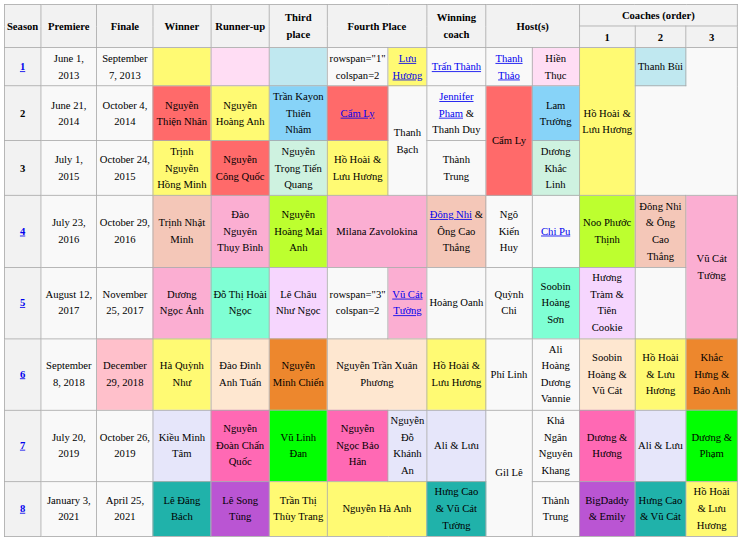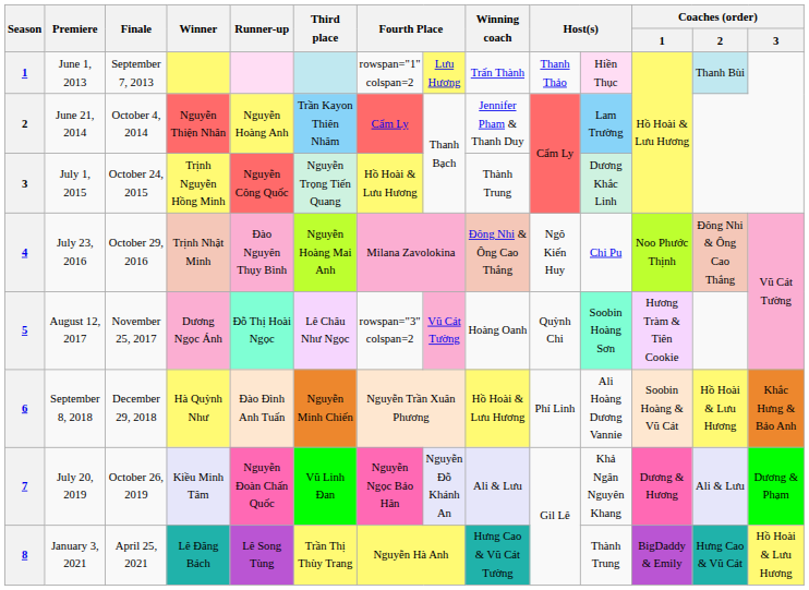 <table class="wikitable" style="text-align:center; font-size:80%; line-height:20px;" width="100%">
 <tr>
 <th rowspan="2" scope="col" width="01%">Season</th>
 <th rowspan="2" scope="col" width="08%">Premiere</th>
 <th rowspan="2" scope="col" width="08%">Finale</th>
 <th rowspan="2" scope="col" width="09%">Winner</th>
 <th rowspan="2" scope="col" width="09%">Runner-up</th>
 <th rowspan="2" scope="col" width="09%">Third place</th>
 <th rowspan="2" colspan=2 scope="col" width="09%">Fourth Place</th>
 <th rowspan="2" scope="col" width="09%">Winning coach</th>
 <th colspan="2" rowspan="2" scope="col" width="14%">Host(s)</th>
 <th colspan="3" scope="col" width="21%">Coaches (order)</th>
 </tr>
 <tr>
 <th width="08%">1</th>
 <th width="08%">2</th>
 <th width="08%">3</th>
 </tr>
 <tr>
 <th><a href='#'>1</a></th>
 <td>June 1, 2013</td>
 <td>September 7, 2013</td>
 <td bgcolor="#fffa73"></td>
 <td bgcolor="#ffddf4"></td>
 <td bgcolor="#c0e8f0"></td>
 <td>rowspan="1" colspan=2 </td>
 <td bgcolor="#fffa73"> <a href='#'>Lưu Hương</a></td>
 <td width="07%"><a href='#'>Trấn Thành</a></td>
 <td width="07%"><a href='#'>Thanh Thảo</a></td>
 <td bgcolor="#ffddf4">Hiền Thục</td>
 <td rowspan="3" bgcolor="#fffa73">Hồ Hoài & Lưu Hương</td>
 <td bgcolor="#c0e8f0">Thanh Bùi</td>
 </tr>
 <tr>
 <th>2</th>
 <td>June 21, 2014</td>
 <td>October 4, 2014</td>
 <td bgcolor="#FF6A6A">Nguyễn Thiện Nhân</td>
 <td bgcolor="#fffa73">Nguyễn Hoàng Anh</td>
 <td colspan=1 bgcolor="#87D3F8">Trần Kayon Thiên Nhâm</td>
 <td bgcolor="#FF6A6A"><a href='#'>Cẩm Ly</a></td>
 <td rowspan="2">Thanh Bạch</td>
 <td><a href='#'>Jennifer Pham</a> & Thanh Duy</td>
 <td rowspan="2" bgcolor="#FF6A6A">Cẩm Ly</td>
 <td bgcolor="#87D3F8">Lam Trường</td>
 </tr>
 <tr>
 <th>3</th>
 <td>July 1, 2015</td>
 <td>October 24, 2015</td>
 <td bgcolor="#fffa73">Trịnh Nguyễn Hồng Minh</td>
 <td bgcolor="#FF6A6A">Nguyễn Công Quốc</td>
 <td colspan=1 bgcolor="#CEF2E0">Nguyễn Trọng Tiến Quang</td>
 <td bgcolor="#fffa73">Hồ Hoài & Lưu Hương</td>
 <td rowspan="1">Thành Trung</td>
 <td bgcolor="#CEF2E0">Dương Khắc Linh</td>
 </tr>
 <tr>
 <th><a href='#'>4</a></th>
 <td>July 23, 2016</td>
 <td>October 29, 2016</td>
 <td bgcolor="#f4c7b8">Trịnh Nhật Minh</td>
 <td bgcolor="#FBAED2">Đào Nguyên Thụy Bình</td>
 <td bgcolor="#bdff2f">Nguyễn Hoàng Mai Anh</td>
 <td colspan=2 bgcolor="#FBAED2">Milana Zavolokina</td>
 <td bgcolor="#f4c7b8"><a href='#'>Đông Nhi</a> & Ông Cao Thắng</td>
 <td>Ngô Kiến Huy</td>
 <td><a href='#'>Chi Pu</a></td>
 <td bgcolor="#bdff2f">Noo Phước Thịnh</td>
 <td bgcolor="#f4c7b8">Đông Nhi & Ông Cao Thắng</td>
 <td rowspan="2" bgcolor="#FBAED2">Vũ Cát Tường</td>
 </tr>
 <tr>
 <th rowspan="1"><a href='#'>5</a></th>
 <td rowspan="1">August 12, 2017</td>
 <td rowspan="1">November 25, 2017</td>
 <td rowspan="1" bgcolor="#FBAED2">Dương Ngọc Ánh</td>
 <td colspan="1" bgcolor="#7FFFD4">Đỗ Thị Hoài Ngọc</td>
 <td colspan="1" bgcolor="#F6D6FE">Lê Châu Như Ngọc</td>
 <td>rowspan="3" colspan=2 </td>
 <td rowspan="1" bgcolor="#FBAED2"><a href='#'>Vũ Cát Tường</a></td>
 <td>Hoàng Oanh</td>
 <td rowspan="1">Quỳnh Chi</td>
 <td rowspan="1" bgcolor="#7FFFD4">Soobin Hoàng Sơn</td>
 <td rowspan="1" bgcolor="#F6D6FE">Hương Tràm & Tiên Cookie</td>
 </tr>
 <tr>
 <th><a href='#'>6</a></th>
 <td>September 8, 2018</td>
-<td style="background: pink;">December 29, 2018</td>
+<td>December 29, 2018</td>
 <td bgcolor="#fffa73">Hà Quỳnh Như</td>
 <td bgcolor="#FEE7D0">Đào Đình Anh Tuấn</td>
 <td bgcolor="#ED872D">Nguyễn Minh Chiến</td>
 <td colspan=2 bgcolor="#FEE7D0">Nguyễn Trần Xuân Phương</td>
 <td bgcolor="#fffa73">Hồ Hoài & Lưu Hương</td>
 <td>Phí Linh</td>
 <td>Ali Hoàng Dương<br>Vannie</td>
 <td bgcolor="#FEE7D0">Soobin Hoàng & Vũ Cát</td>
 <td bgcolor="#fffa73">Hồ Hoài & Lưu Hương</td>
 <td bgcolor="#ED872D">Khắc Hưng & Bảo Anh</td>
 </tr>
 <tr>
 <th rowspan="1"><a href='#'>7</a></th>
 <td rowspan="1">July 20, 2019</td>
 <td rowspan="1">October 26, 2019</td>
 <td bgcolor="lavender">Kiều Minh Tâm</td>
 <td rowspan="1" bgcolor="hotpink">Nguyễn Đoàn Chấn Quốc</td>
 <td rowspan="1" bgcolor="#02ff02">Vũ Linh Đan</td>
 <td bgcolor="hotpink">Nguyễn Ngọc Bảo Hân</td>
 <td bgcolor="lavender">Nguyễn Đỗ Khánh An</td>
 <td bgcolor="lavender">Ali & Lưu</td>
 <td rowspan="2">Gil Lê</td>
 <td rowspan="1">Khả Ngân<br>Nguyên Khang</td>
 <td rowspan="1" bgcolor="hotpink">Dương & Hương</td>
 <td rowspan="1" bgcolor="lavender">Ali & Lưu</td>
 <td rowspan="1" bgcolor="#02ff02">Dương & Phạm</td>
 </tr>
 <tr>
 <th rowspan="1"><a href='#'>8</a></th>
 <td rowspan="1">January 3, 2021</td>
 <td rowspan="1">April 25, 2021</td>
 <td rowspan="1" bgcolor="#20B2AA">Lê Đăng Bách</td>
 <td rowspan="1" bgcolor="#BA55D3">Lê Song Tùng</td>
 <td rowspan="1" bgcolor="#fffa73">Trần Thị Thùy Trang</td>
 <td colspan=2 rowspan="1" bgcolor="#fffa73">Nguyễn Hà Anh</td>
 <td bgcolor="#20B2AA">Hưng Cao & Vũ Cát Tường</td>
 <td rowspan="1">Thành Trung</td>
 <td rowspan="1" bgcolor="#BA55D3">BigDaddy & Emily</td>
 <td bgcolor="#20b2aa">Hưng Cao & Vũ Cát</td>
 <td rowspan="1" bgcolor="#fffa73">Hồ Hoài & Lưu Hương</td>
 </tr>
 </table>
